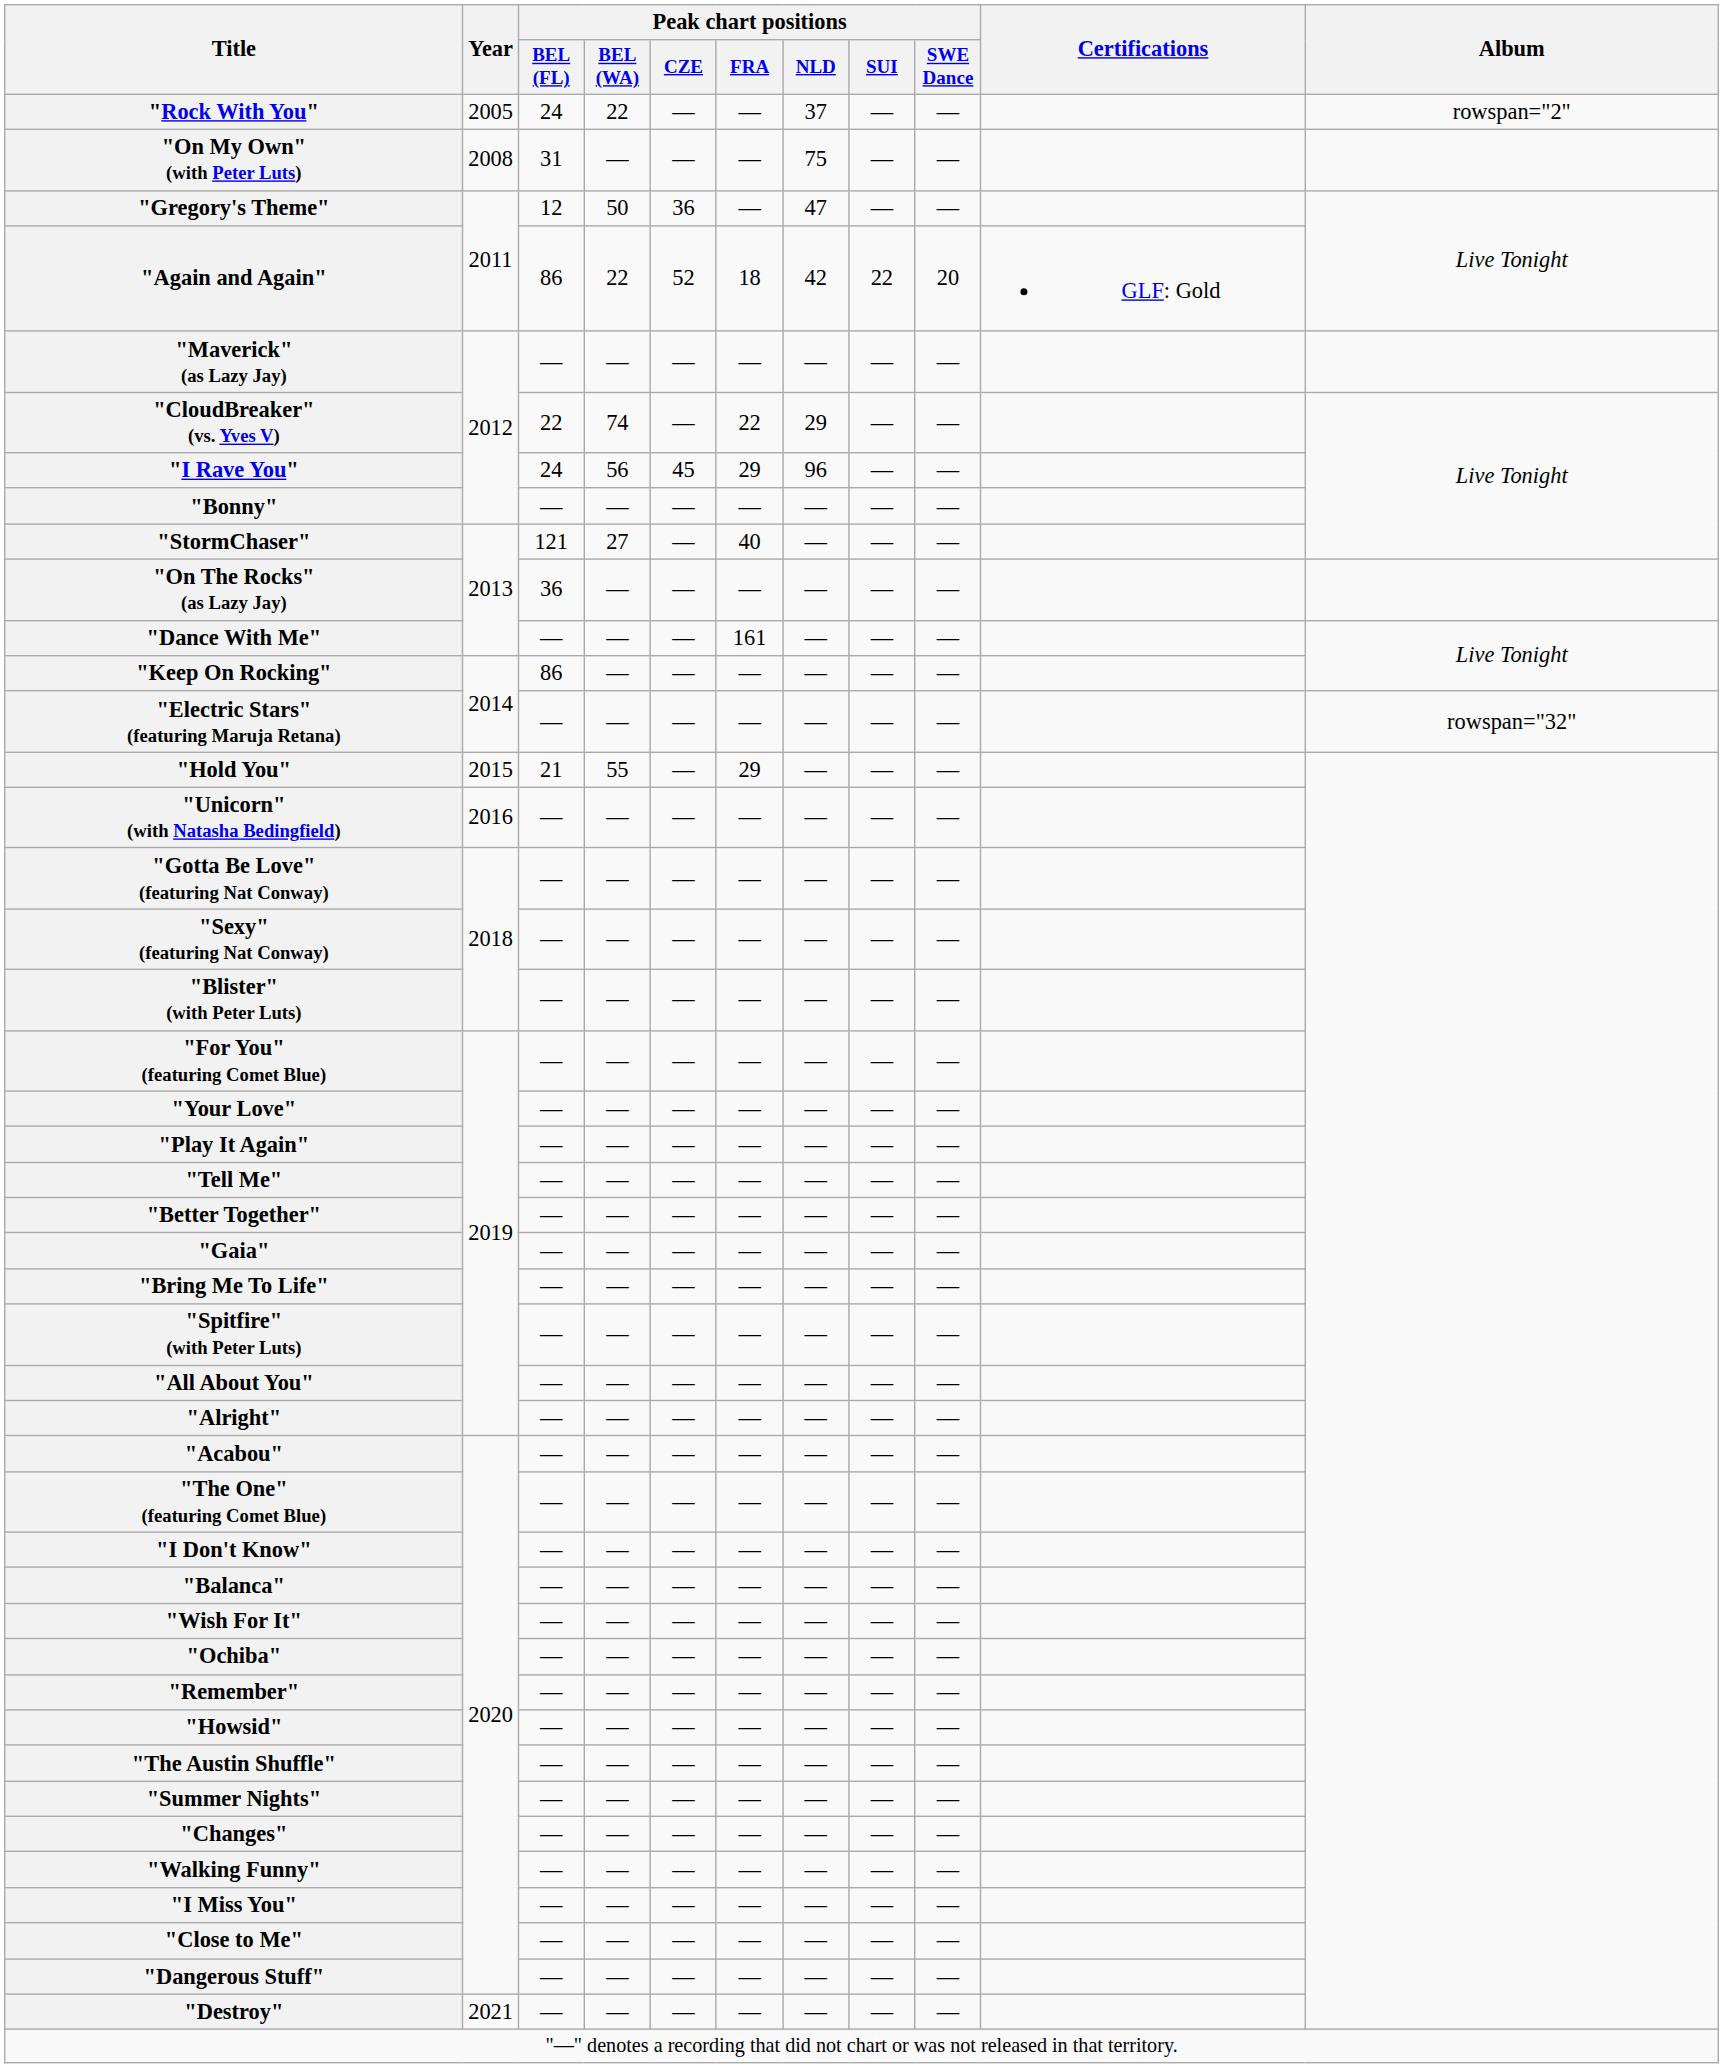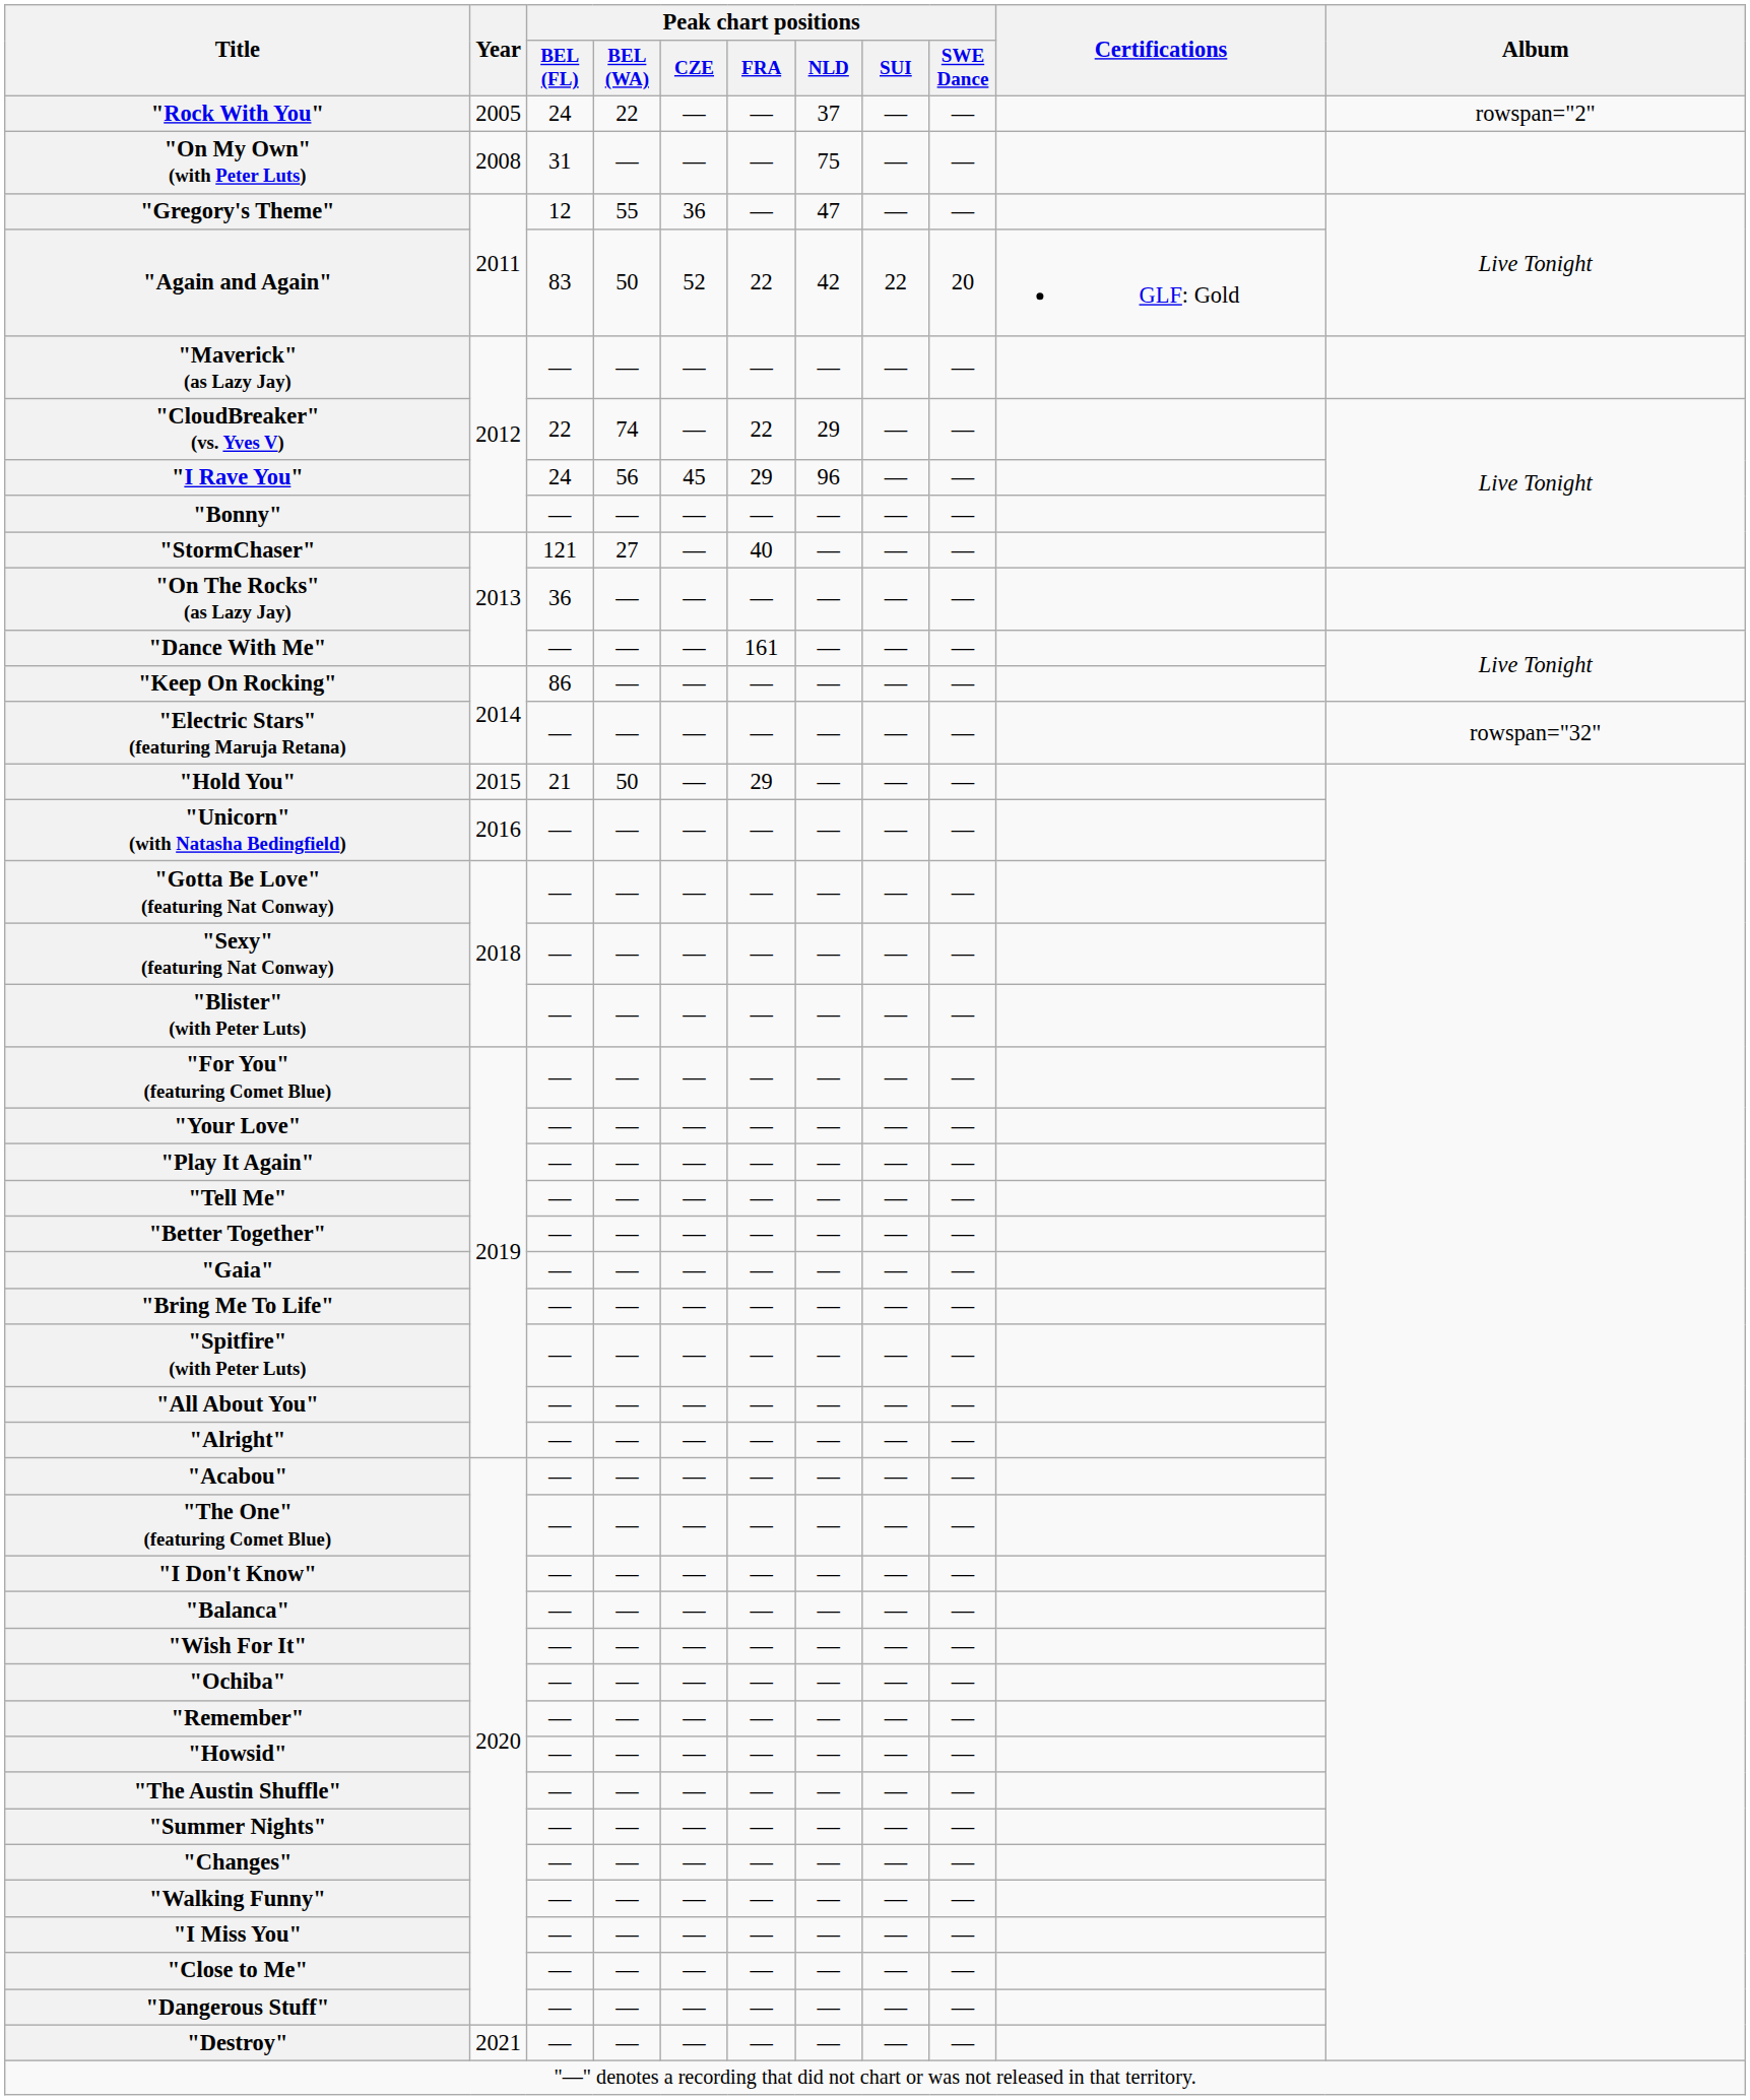 <table class="wikitable plainrowheaders" style="text-align:center;" border="1">
 <tr>
 <th scope="col" rowspan="2" style="width:20em;">Title</th>
 <th scope="col" rowspan="2">Year</th>
 <th scope="col" colspan="7">Peak chart positions</th>
 <th scope="col" rowspan="2" style="width:14em;"><a href='#'>Certifications</a></th>
 <th scope="col" rowspan="2" style="width:18em;">Album</th>
 </tr>
 <tr>
 <th scope="col" style="width:3em;font-size:85%;"><a href='#'>BEL<br>(FL)</a><br></th>
 <th scope="col" style="width:3em;font-size:85%;"><a href='#'>BEL<br>(WA)</a><br></th>
 <th scope="col" style="width:3em;font-size:85%;"><a href='#'>CZE</a><br></th>
 <th scope="col" style="width:3em;font-size:85%;"><a href='#'>FRA</a><br></th>
 <th scope="col" style="width:3em;font-size:85%;"><a href='#'>NLD</a><br></th>
 <th scope="col" style="width:3em;font-size:85%;"><a href='#'>SUI</a><br></th>
 <th scope="col" style="width:3em;font-size:85%;"><a href='#'>SWE<br>Dance</a><br></th>
 </tr>
 <tr>
 <th scope="row">"<a href='#'>Rock With You</a>"</th>
 <td>2005</td>
 <td>24</td>
 <td>22</td>
 <td>—</td>
 <td>—</td>
 <td>37</td>
 <td>—</td>
 <td>—</td>
 <td></td>
 <td>rowspan="2" </td>
 </tr>
 <tr>
 <th scope="row">"On My Own" <br><small>(with <a href='#'>Peter Luts</a>)</small></th>
 <td>2008</td>
 <td>31</td>
 <td>—</td>
 <td>—</td>
 <td>—</td>
 <td>75</td>
 <td>—</td>
 <td>—</td>
 <td></td>
 </tr>
 <tr>
 <th scope="row">"Gregory's Theme"</th>
 <td rowspan="2">2011</td>
 <td>12</td>
-<td>50</td>
+<td>55</td>
 <td>36</td>
 <td>—</td>
 <td>47</td>
 <td>—</td>
 <td>—</td>
 <td></td>
 <td rowspan="2"><em>Live Tonight</em></td>
 </tr>
 <tr>
 <th scope="row">"Again and Again"</th>
-<td>86</td>
+<td>83</td>
+<td>50</td>
+<td>52</td>
 <td>22</td>
-<td>52</td>
-<td>18</td>
 <td>42</td>
 <td>22</td>
 <td>20</td>
 <td><br><ul><li><a href='#'>GLF</a>: Gold</li></ul></td>
 </tr>
 <tr>
 <th scope="row">"Maverick" <br><small>(as Lazy Jay)</small></th>
 <td rowspan="4">2012</td>
 <td>—</td>
 <td>—</td>
 <td>—</td>
 <td>—</td>
 <td>—</td>
 <td>—</td>
 <td>—</td>
 <td></td>
 <td></td>
 </tr>
 <tr>
 <th scope="row">"CloudBreaker" <br><small>(vs. <a href='#'>Yves V</a>)</small></th>
 <td>22</td>
 <td>74</td>
 <td>—</td>
 <td>22</td>
 <td>29</td>
 <td>—</td>
 <td>—</td>
 <td></td>
 <td rowspan="4"><em>Live Tonight</em></td>
 </tr>
 <tr>
 <th scope="row">"<a href='#'>I Rave You</a>"</th>
 <td>24</td>
 <td>56</td>
 <td>45</td>
 <td>29</td>
 <td>96</td>
 <td>—</td>
 <td>—</td>
 <td></td>
 </tr>
 <tr>
 <th scope="row">"Bonny"</th>
 <td>—</td>
 <td>—</td>
 <td>—</td>
 <td>—</td>
 <td>—</td>
 <td>—</td>
 <td>—</td>
 <td></td>
 </tr>
 <tr>
 <th scope="row">"StormChaser"</th>
 <td rowspan="3">2013</td>
 <td>121</td>
 <td>27</td>
 <td>—</td>
 <td>40</td>
 <td>—</td>
 <td>—</td>
 <td>—</td>
 <td></td>
 </tr>
 <tr>
 <th scope="row">"On The Rocks" <br><small>(as Lazy Jay)</small></th>
 <td>36</td>
 <td>—</td>
 <td>—</td>
 <td>—</td>
 <td>—</td>
 <td>—</td>
 <td>—</td>
 <td></td>
 <td></td>
 </tr>
 <tr>
 <th scope="row">"Dance With Me"</th>
 <td>—</td>
 <td>—</td>
 <td>—</td>
 <td>161</td>
 <td>—</td>
 <td>—</td>
 <td>—</td>
 <td></td>
 <td rowspan="2"><em>Live Tonight</em></td>
 </tr>
 <tr>
 <th scope="row">"Keep On Rocking"</th>
 <td rowspan="2">2014</td>
 <td>86</td>
 <td>—</td>
 <td>—</td>
 <td>—</td>
 <td>—</td>
 <td>—</td>
 <td>—</td>
 <td></td>
 </tr>
 <tr>
 <th scope="row">"Electric Stars" <br><small>(featuring Maruja Retana)</small></th>
 <td>—</td>
 <td>—</td>
 <td>—</td>
 <td>—</td>
 <td>—</td>
 <td>—</td>
 <td>—</td>
 <td></td>
 <td>rowspan="32" </td>
 </tr>
 <tr>
 <th scope="row">"Hold You"</th>
 <td>2015</td>
 <td>21</td>
-<td>55</td>
+<td>50</td>
 <td>—</td>
 <td>29</td>
 <td>—</td>
 <td>—</td>
 <td>—</td>
 <td></td>
 </tr>
 <tr>
 <th scope="row">"Unicorn" <br><small>(with <a href='#'>Natasha Bedingfield</a>)</small></th>
 <td>2016</td>
 <td>—</td>
 <td>—</td>
 <td>—</td>
 <td>—</td>
 <td>—</td>
 <td>—</td>
 <td>—</td>
 <td></td>
 </tr>
 <tr>
 <th scope="row">"Gotta Be Love" <br><small>(featuring Nat Conway)</small></th>
 <td rowspan="3">2018</td>
 <td>—</td>
 <td>—</td>
 <td>—</td>
 <td>—</td>
 <td>—</td>
 <td>—</td>
 <td>—</td>
 <td></td>
 </tr>
 <tr>
 <th scope="row">"Sexy" <br><small>(featuring Nat Conway)</small></th>
 <td>—</td>
 <td>—</td>
 <td>—</td>
 <td>—</td>
 <td>—</td>
 <td>—</td>
 <td>—</td>
 <td></td>
 </tr>
 <tr>
 <th scope="row">"Blister" <br><small>(with Peter Luts)</small></th>
 <td>—</td>
 <td>—</td>
 <td>—</td>
 <td>—</td>
 <td>—</td>
 <td>—</td>
 <td>—</td>
 <td></td>
 </tr>
 <tr>
 <th scope="row">"For You" <br><small>(featuring Comet Blue)</small></th>
 <td rowspan="10">2019</td>
 <td>—</td>
 <td>—</td>
 <td>—</td>
 <td>—</td>
 <td>—</td>
 <td>—</td>
 <td>—</td>
 <td></td>
 </tr>
 <tr>
 <th scope="row">"Your Love"</th>
 <td>—</td>
 <td>—</td>
 <td>—</td>
 <td>—</td>
 <td>—</td>
 <td>—</td>
 <td>—</td>
 <td></td>
 </tr>
 <tr>
 <th scope="row">"Play It Again"</th>
 <td>—</td>
 <td>—</td>
 <td>—</td>
 <td>—</td>
 <td>—</td>
 <td>—</td>
 <td>—</td>
 <td></td>
 </tr>
 <tr>
 <th scope="row">"Tell Me"</th>
 <td>—</td>
 <td>—</td>
 <td>—</td>
 <td>—</td>
 <td>—</td>
 <td>—</td>
 <td>—</td>
 <td></td>
 </tr>
 <tr>
 <th scope="row">"Better Together"</th>
 <td>—</td>
 <td>—</td>
 <td>—</td>
 <td>—</td>
 <td>—</td>
 <td>—</td>
 <td>—</td>
 <td></td>
 </tr>
 <tr>
 <th scope="row">"Gaia"</th>
 <td>—</td>
 <td>—</td>
 <td>—</td>
 <td>—</td>
 <td>—</td>
 <td>—</td>
 <td>—</td>
 <td></td>
 </tr>
 <tr>
 <th scope="row">"Bring Me To Life"</th>
 <td>—</td>
 <td>—</td>
 <td>—</td>
 <td>—</td>
 <td>—</td>
 <td>—</td>
 <td>—</td>
 <td></td>
 </tr>
 <tr>
 <th scope="row">"Spitfire" <br><small>(with Peter Luts)</small></th>
 <td>—</td>
 <td>—</td>
 <td>—</td>
 <td>—</td>
 <td>—</td>
 <td>—</td>
 <td>—</td>
 <td></td>
 </tr>
 <tr>
 <th scope="row">"All About You"</th>
 <td>—</td>
 <td>—</td>
 <td>—</td>
 <td>—</td>
 <td>—</td>
 <td>—</td>
 <td>—</td>
 <td></td>
 </tr>
 <tr>
 <th scope="row">"Alright"</th>
 <td>—</td>
 <td>—</td>
 <td>—</td>
 <td>—</td>
 <td>—</td>
 <td>—</td>
 <td>—</td>
 <td></td>
 </tr>
 <tr>
 <th scope="row">"Acabou"</th>
 <td rowspan="15">2020</td>
 <td>—</td>
 <td>—</td>
 <td>—</td>
 <td>—</td>
 <td>—</td>
 <td>—</td>
 <td>—</td>
 <td></td>
 </tr>
 <tr>
 <th scope="row">"The One" <br><small>(featuring Comet Blue)</small></th>
 <td>—</td>
 <td>—</td>
 <td>—</td>
 <td>—</td>
 <td>—</td>
 <td>—</td>
 <td>—</td>
 <td></td>
 </tr>
 <tr>
 <th scope="row">"I Don't Know"</th>
 <td>—</td>
 <td>—</td>
 <td>—</td>
 <td>—</td>
 <td>—</td>
 <td>—</td>
 <td>—</td>
 <td></td>
 </tr>
 <tr>
 <th scope="row">"Balanca"</th>
 <td>—</td>
 <td>—</td>
 <td>—</td>
 <td>—</td>
 <td>—</td>
 <td>—</td>
 <td>—</td>
 <td></td>
 </tr>
 <tr>
 <th scope="row">"Wish For It"</th>
 <td>—</td>
 <td>—</td>
 <td>—</td>
 <td>—</td>
 <td>—</td>
 <td>—</td>
 <td>—</td>
 <td></td>
 </tr>
 <tr>
 <th scope="row">"Ochiba"</th>
 <td>—</td>
 <td>—</td>
 <td>—</td>
 <td>—</td>
 <td>—</td>
 <td>—</td>
 <td>—</td>
 <td></td>
 </tr>
 <tr>
 <th scope="row">"Remember"</th>
 <td>—</td>
 <td>—</td>
 <td>—</td>
 <td>—</td>
 <td>—</td>
 <td>—</td>
 <td>—</td>
 <td></td>
 </tr>
 <tr>
 <th scope="row">"Howsid"</th>
 <td>—</td>
 <td>—</td>
 <td>—</td>
 <td>—</td>
 <td>—</td>
 <td>—</td>
 <td>—</td>
 <td></td>
 </tr>
 <tr>
 <th scope="row">"The Austin Shuffle"</th>
 <td>—</td>
 <td>—</td>
 <td>—</td>
 <td>—</td>
 <td>—</td>
 <td>—</td>
 <td>—</td>
 <td></td>
 </tr>
 <tr>
 <th scope="row">"Summer Nights"</th>
 <td>—</td>
 <td>—</td>
 <td>—</td>
 <td>—</td>
 <td>—</td>
 <td>—</td>
 <td>—</td>
 <td></td>
 </tr>
 <tr>
 <th scope="row">"Changes"</th>
 <td>—</td>
 <td>—</td>
 <td>—</td>
 <td>—</td>
 <td>—</td>
 <td>—</td>
 <td>—</td>
 <td></td>
 </tr>
 <tr>
 <th scope="row">"Walking Funny"</th>
 <td>—</td>
 <td>—</td>
 <td>—</td>
 <td>—</td>
 <td>—</td>
 <td>—</td>
 <td>—</td>
 <td></td>
 </tr>
 <tr>
 <th scope="row">"I Miss You"</th>
 <td>—</td>
 <td>—</td>
 <td>—</td>
 <td>—</td>
 <td>—</td>
 <td>—</td>
 <td>—</td>
 <td></td>
 </tr>
 <tr>
 <th scope="row">"Close to Me"</th>
 <td>—</td>
 <td>—</td>
 <td>—</td>
 <td>—</td>
 <td>—</td>
 <td>—</td>
 <td>—</td>
 <td></td>
 </tr>
 <tr>
 <th scope="row">"Dangerous Stuff"</th>
 <td>—</td>
 <td>—</td>
 <td>—</td>
 <td>—</td>
 <td>—</td>
 <td>—</td>
 <td>—</td>
 <td></td>
 </tr>
 <tr>
 <th scope="row">"Destroy"</th>
 <td>2021</td>
 <td>—</td>
 <td>—</td>
 <td>—</td>
 <td>—</td>
 <td>—</td>
 <td>—</td>
 <td>—</td>
 <td></td>
 </tr>
 <tr>
 <td colspan="14" style="font-size:90%">"—" denotes a recording that did not chart or was not released in that territory.</td>
 </tr>
 </table>
